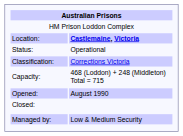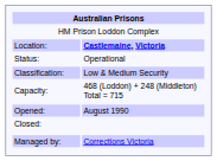 <table cellpadding=2 cellspacing=2 align=right width=256px style="font-family: verdana, sans-serif; padding: 6px; margin: 0 0 1em 1em; font-size: 10px; background-color: #f7f8ff; border:1px solid #8888aa;">
 <tr style=background:#ccccff>
 <td align=center colspan=2><span><strong>Australian Prisons</strong></span></td>
 </tr>
 <tr>
 <td align=center colspan=2>HM Prison Loddon Complex</td>
 </tr>
 <tr style=background:#ccccff>
 <td style=width:80px>Location:</td>
 <td><strong><a href='#'>Castlemaine</a>, <a href='#'>Victoria</a></strong></td>
 </tr>
 <tr>
 <td>Status:</td>
 <td>Operational</td>
 </tr>
 <tr style=background:#ccccff>
 <td>Classification:</td>
-<td><a href='#'>Corrections Victoria</a></td>
+<td>Low & Medium Security</td>
 </tr>
 <tr>
 <td>Capacity:</td>
 <td>468 (Loddon) + 248 (Middleton) Total = 715</td>
 </tr>
 <tr>
 </tr>
 <tr style=background:#ccccff>
 <td>Opened:</td>
 <td>August 1990</td>
 </tr>
 <tr>
 <td>Closed:</td>
 </tr>
 <tr>
 </tr>
 <tr>
 </tr>
 <tr style=background:#ccccff>
 <td>Managed by:</td>
-<td>Low & Medium Security</td>
+<td><a href='#'>Corrections Victoria</a></td>
 </tr>
 <tr>
 </tr>
 </table>
